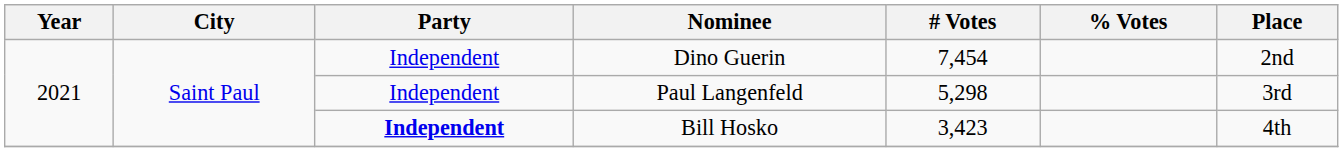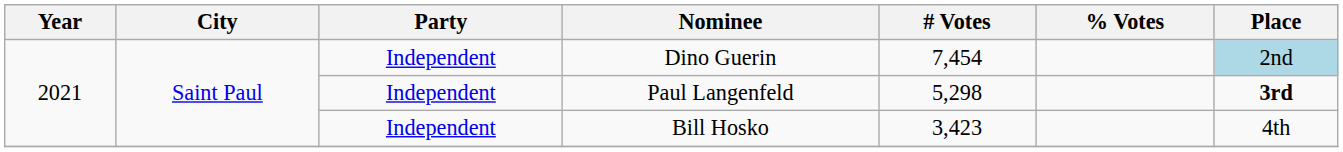 <table class="wikitable sortable mw-collapsible" style="text-align:center; width:60em;">
 <tr style="background:lightgrey;">
 <th>Year</th>
 <th>City</th>
 <th>Party</th>
 <th>Nominee</th>
 <th># Votes</th>
 <th>% Votes</th>
 <th>Place</th>
 </tr>
 <tr>
 <td rowspan="3">2021</td>
 <td rowspan="3"><a href='#'>Saint Paul</a></td>
 <td><a href='#'>Independent</a></td>
 <td>Dino Guerin</td>
 <td>7,454</td>
 <td></td>
-<td>2nd</td>
+<td style="background: lightblue;">2nd</td>
 </tr>
 <tr>
 <td><a href='#'>Independent</a></td>
 <td>Paul Langenfeld</td>
 <td>5,298</td>
 <td></td>
-<td>3rd</td>
+<td><strong>3rd</strong></td>
 </tr>
 <tr>
-<td><strong><a href='#'>Independent</a></strong></td>
+<td><a href='#'>Independent</a></td>
 <td>Bill Hosko</td>
 <td>3,423</td>
 <td></td>
 <td>4th</td>
 </tr>
 <tr>
 </tr>
 </table>
